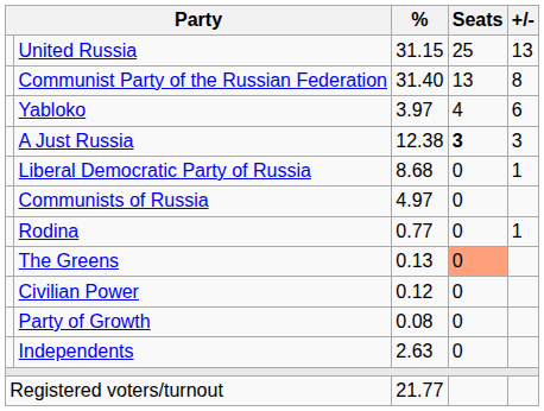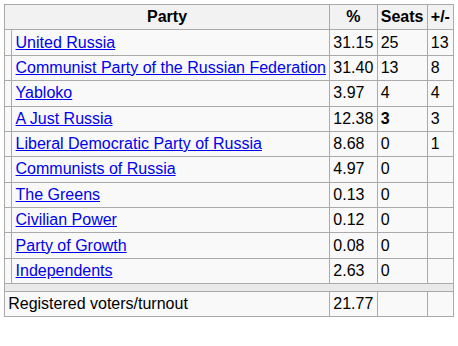 <table class="wikitable">
 <tr>
 <th colspan=2>Party</th>
 <th>%</th>
 <th>Seats</th>
 <th>+/-</th>
 </tr>
 <tr>
 <td style="background:"></td>
 <td><a href='#'>United Russia</a></td>
 <td>31.15</td>
 <td>25</td>
 <td> 13</td>
 </tr>
 <tr>
 <td style="background:"></td>
 <td><a href='#'>Communist Party of the Russian Federation</a></td>
 <td>31.40</td>
 <td>13</td>
 <td> 8</td>
 </tr>
 <tr>
 <td style="background:"></td>
 <td><a href='#'>Yabloko</a></td>
 <td>3.97</td>
 <td>4</td>
-<td> 6</td>
+<td> 4</td>
 </tr>
 <tr>
 <td style="background:"></td>
 <td><a href='#'>A Just Russia</a></td>
 <td>12.38</td>
 <td><strong>3</strong></td>
 <td> 3</td>
 </tr>
 <tr>
 <td style="background:"></td>
 <td><a href='#'>Liberal Democratic Party of Russia</a></td>
 <td>8.68</td>
 <td>0</td>
 <td> 1</td>
 </tr>
 <tr>
 <td style="background:"></td>
 <td><a href='#'>Communists of Russia</a></td>
 <td>4.97</td>
 <td>0</td>
 <td></td>
 </tr>
 <tr>
 <td style="background:"></td>
-<td><a href='#'>Rodina</a></td>
-<td>0.77</td>
-<td>0</td>
-<td> 1</td>
-</tr>
-<tr>
-<td style="background:"></td>
 <td><a href='#'>The Greens</a></td>
 <td>0.13</td>
-<td style="background: lightsalmon;">0</td>
+<td>0</td>
 <td></td>
 </tr>
 <tr>
 <td style="background:"></td>
 <td><a href='#'>Civilian Power</a></td>
 <td>0.12</td>
 <td>0</td>
 <td></td>
 </tr>
 <tr>
 <td style="background:"></td>
 <td><a href='#'>Party of Growth</a></td>
 <td>0.08</td>
 <td>0</td>
 <td></td>
 </tr>
 <tr>
 <td style="background:"></td>
 <td><a href='#'>Independents</a></td>
 <td>2.63</td>
 <td>0</td>
 <td></td>
 </tr>
 <tr>
 <td colspan=5 style="background:#E9E9E9;"></td>
 </tr>
 <tr>
 <td align=left colspan=2>Registered voters/turnout</td>
 <td>21.77</td>
 <td></td>
 <td></td>
 </tr>
 <tr>
 </tr>
 </table>
